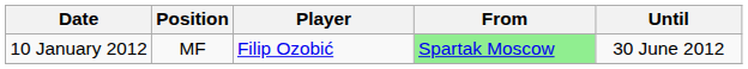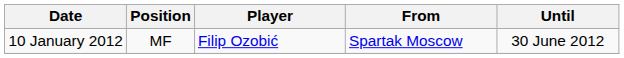 <table class="wikitable" style="text-align: center;">
 <tr>
 <th width=120>Date</th>
 <th width=60>Position</th>
 <th width=150>Player</th>
 <th width=150>From</th>
 <th width=120>Until</th>
 </tr>
 <tr>
 <td>10 January 2012</td>
 <td>MF</td>
 <td style="text-align:left;"> <a href='#'>Filip Ozobić</a></td>
-<td style="background: lightgreen; text-align:left;"><a href='#'>Spartak Moscow</a></td>
+<td style="text-align:left;"><a href='#'>Spartak Moscow</a></td>
 <td>30 June 2012</td>
 </tr>
 <tr>
 </tr>
 </table>
